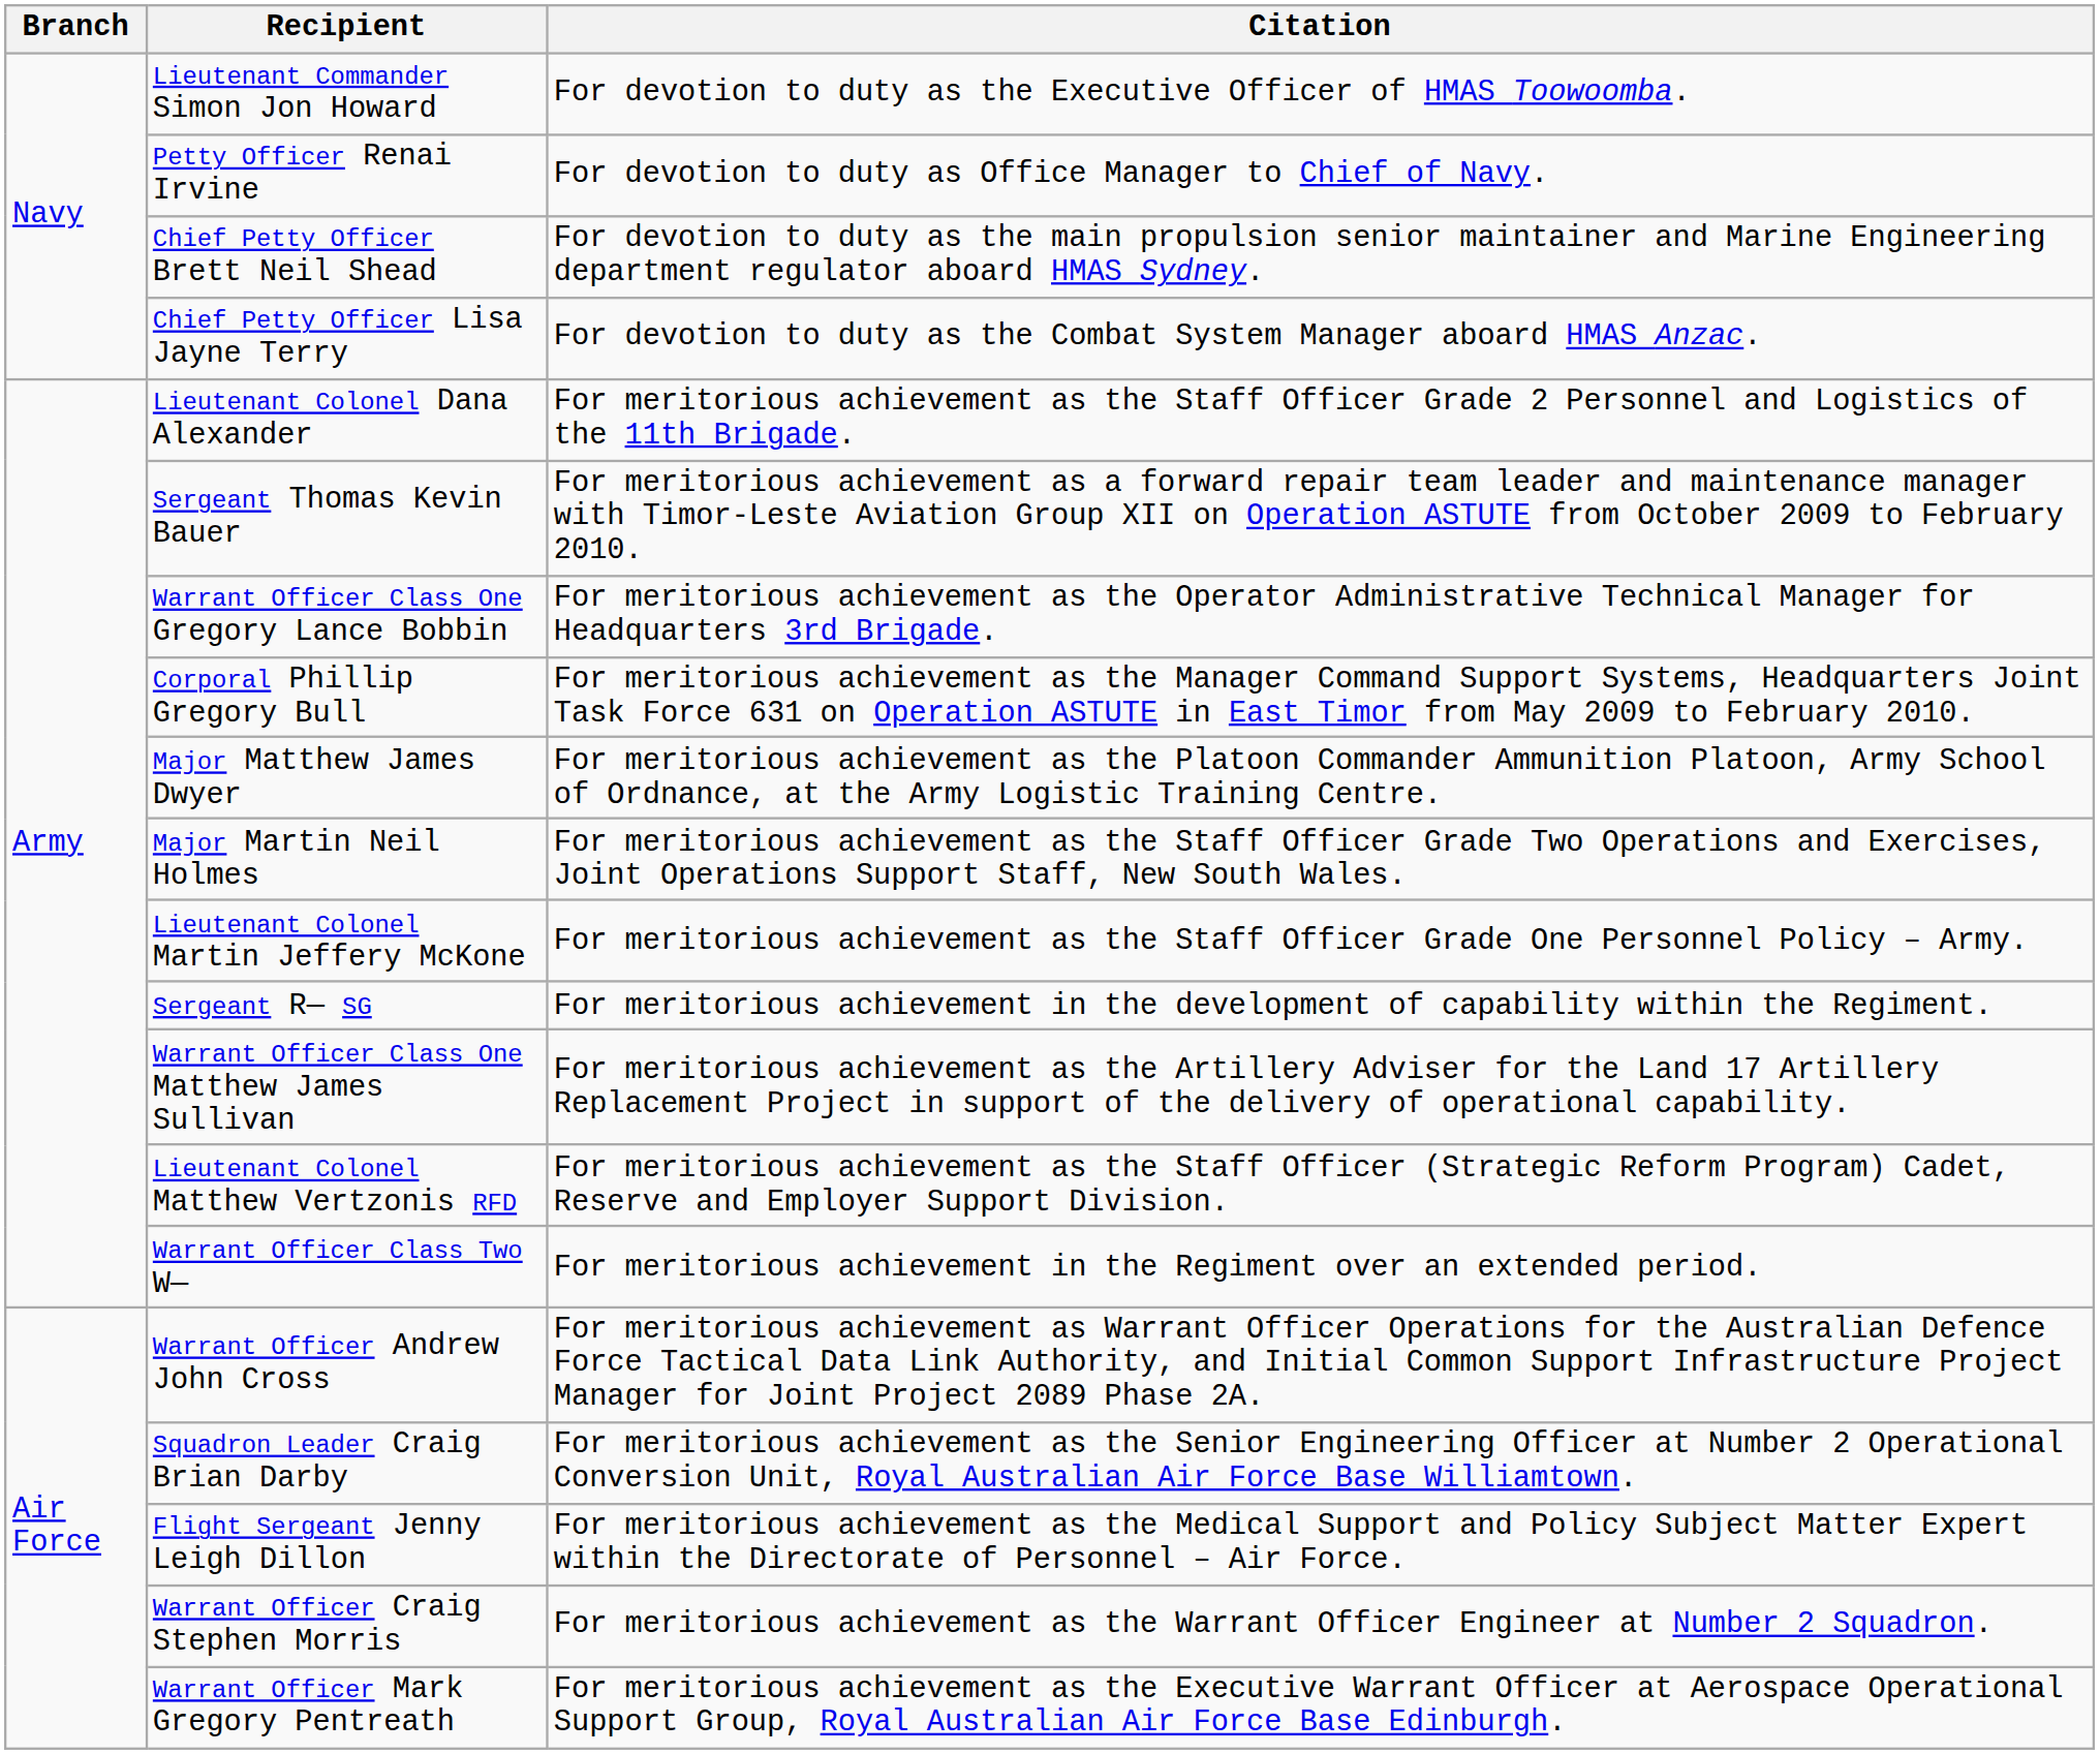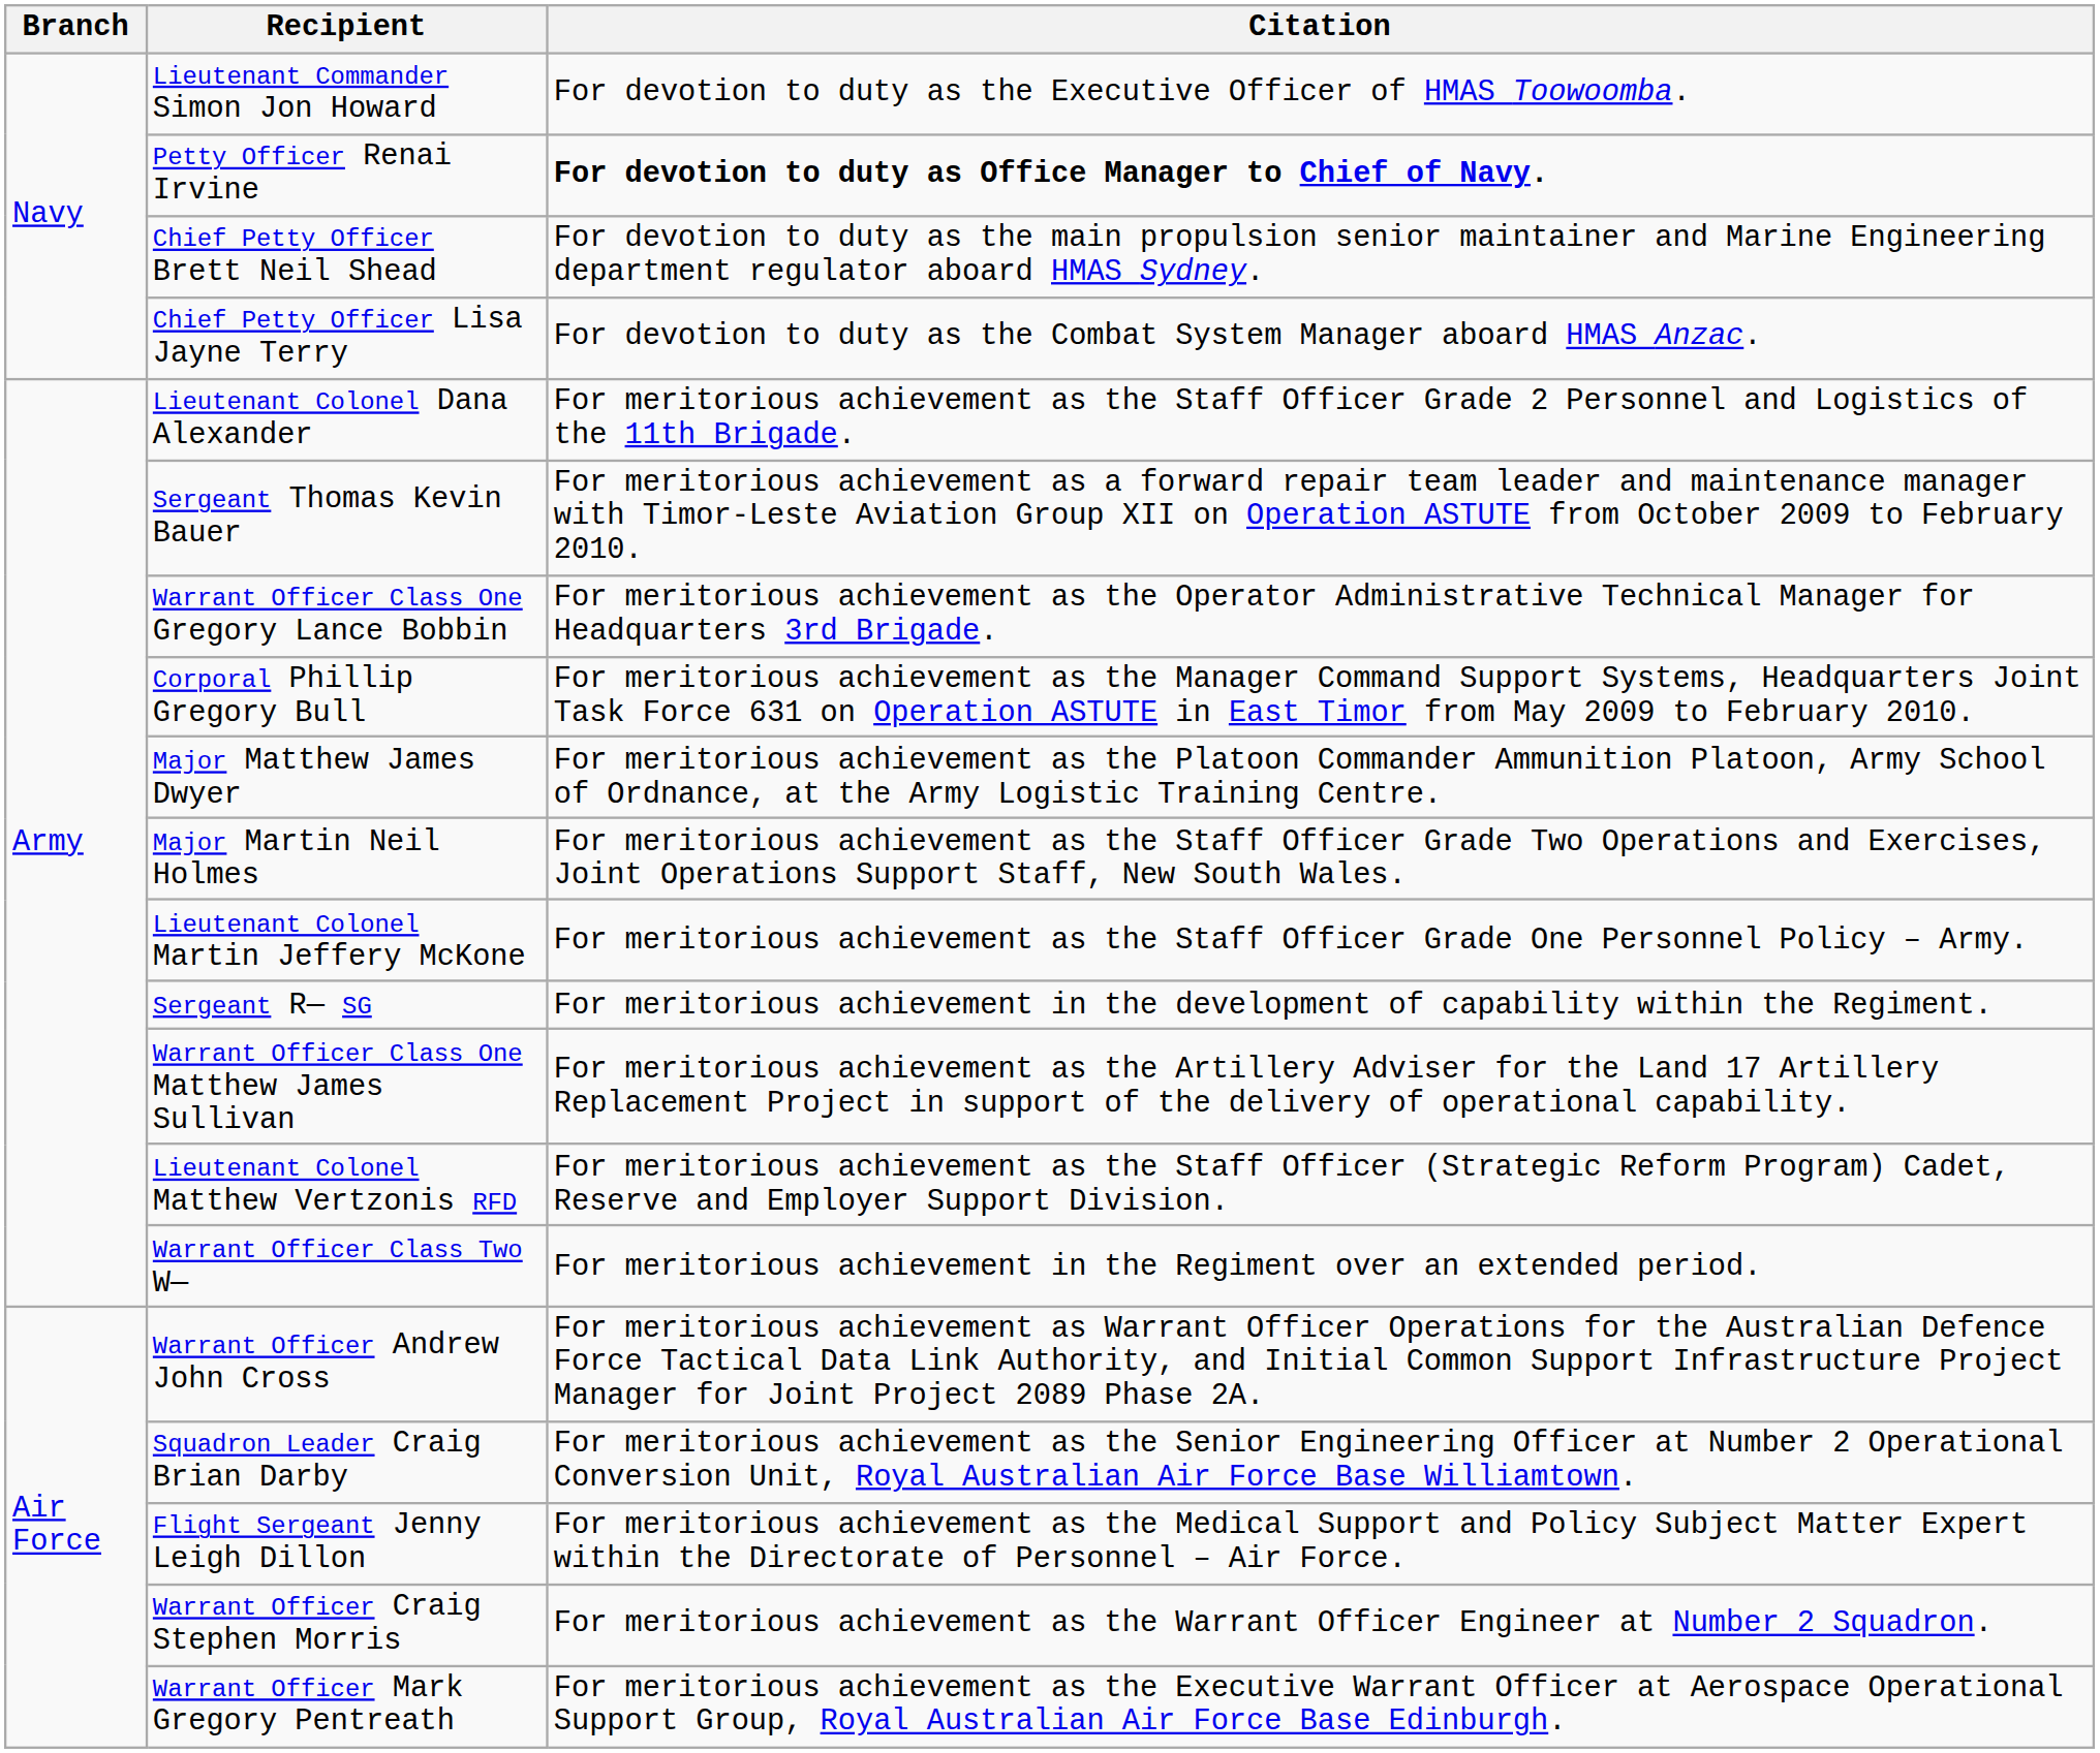 <table class="wikitable" style="font-size:95%;">
 <tr>
 <th>Branch</th>
 <th>Recipient</th>
 <th>Citation</th>
 </tr>
 <tr>
 <td rowspan="4"><a href='#'>Navy</a></td>
 <td><small><a href='#'>Lieutenant Commander</a></small> Simon Jon Howard</td>
 <td>For devotion to duty as the Executive Officer of <a href='#'>HMAS <em>Toowoomba</em></a>.</td>
 </tr>
 <tr>
 <td><small><a href='#'>Petty Officer</a></small> Renai Irvine</td>
-<td>For devotion to duty as Office Manager to <a href='#'>Chief of Navy</a>.</td>
+<td><strong>For devotion to duty as Office Manager to <a href='#'>Chief of Navy</a>.</strong></td>
 </tr>
 <tr>
 <td><small><a href='#'>Chief Petty Officer</a></small> Brett Neil Shead</td>
 <td>For devotion to duty as the main propulsion senior maintainer and Marine Engineering department regulator aboard <a href='#'>HMAS <em>Sydney</em></a>.</td>
 </tr>
 <tr>
 <td><small><a href='#'>Chief Petty Officer</a></small> Lisa Jayne Terry</td>
 <td>For devotion to duty as the Combat System Manager aboard <a href='#'>HMAS <em>Anzac</em></a>.</td>
 </tr>
 <tr>
 <td rowspan="11"><a href='#'>Army</a></td>
 <td><small><a href='#'>Lieutenant Colonel</a></small> Dana Alexander</td>
 <td>For meritorious achievement as the Staff Officer Grade 2 Personnel and Logistics of the <a href='#'>11th Brigade</a>.</td>
 </tr>
 <tr>
 <td><small><a href='#'>Sergeant</a></small> Thomas Kevin Bauer</td>
 <td>For meritorious achievement as a forward repair team leader and maintenance manager with Timor-Leste Aviation Group XII on <a href='#'>Operation ASTUTE</a> from October 2009 to February 2010.</td>
 </tr>
 <tr>
 <td><small><a href='#'>Warrant Officer Class One</a></small> Gregory Lance Bobbin</td>
 <td>For meritorious achievement as the Operator Administrative Technical Manager for Headquarters <a href='#'>3rd Brigade</a>.</td>
 </tr>
 <tr>
 <td><small><a href='#'>Corporal</a></small> Phillip Gregory Bull</td>
 <td>For meritorious achievement as the Manager Command Support Systems, Headquarters Joint Task Force 631 on <a href='#'>Operation ASTUTE</a> in <a href='#'>East Timor</a> from May 2009 to February 2010.</td>
 </tr>
 <tr>
 <td><small><a href='#'>Major</a></small> Matthew James Dwyer</td>
 <td>For meritorious achievement as the Platoon Commander Ammunition Platoon, Army School of Ordnance, at the Army Logistic Training Centre.</td>
 </tr>
 <tr>
 <td><small><a href='#'>Major</a></small> Martin Neil Holmes</td>
 <td>For meritorious achievement as the Staff Officer Grade Two Operations and Exercises, Joint Operations Support Staff, New South Wales.</td>
 </tr>
 <tr>
 <td><small><a href='#'>Lieutenant Colonel</a></small> Martin Jeffery McKone</td>
 <td>For meritorious achievement as the Staff Officer Grade One Personnel Policy – Army.</td>
 </tr>
 <tr>
 <td><small><a href='#'>Sergeant</a></small> R— <small><a href='#'>SG</a></small></td>
 <td>For meritorious achievement in the development of capability within the Regiment.</td>
 </tr>
 <tr>
 <td><small><a href='#'>Warrant Officer Class One</a></small> Matthew James Sullivan</td>
 <td>For meritorious achievement as the Artillery Adviser for the Land 17 Artillery Replacement Project in support of the delivery of operational capability.</td>
 </tr>
 <tr>
 <td><small><a href='#'>Lieutenant Colonel</a></small> Matthew Vertzonis <small><a href='#'>RFD</a></small></td>
 <td>For meritorious achievement as the Staff Officer (Strategic Reform Program) Cadet, Reserve and Employer Support Division.</td>
 </tr>
 <tr>
 <td><small><a href='#'>Warrant Officer Class Two</a></small> W—</td>
 <td>For meritorious achievement in the Regiment over an extended period.</td>
 </tr>
 <tr>
 <td rowspan="5"><a href='#'>Air Force</a></td>
 <td><small><a href='#'>Warrant Officer</a></small> Andrew John Cross</td>
 <td>For meritorious achievement as Warrant Officer Operations for the Australian Defence Force Tactical Data Link Authority, and Initial Common Support Infrastructure Project Manager for Joint Project 2089 Phase 2A.</td>
 </tr>
 <tr>
 <td><small><a href='#'>Squadron Leader</a></small> Craig Brian Darby</td>
 <td>For meritorious achievement as the Senior Engineering Officer at Number 2 Operational Conversion Unit, <a href='#'>Royal Australian Air Force Base Williamtown</a>.</td>
 </tr>
 <tr>
 <td><small><a href='#'>Flight Sergeant</a></small> Jenny Leigh Dillon</td>
 <td>For meritorious achievement as the Medical Support and Policy Subject Matter Expert within the Directorate of Personnel – Air Force.</td>
 </tr>
 <tr>
 <td><small><a href='#'>Warrant Officer</a></small> Craig Stephen Morris</td>
 <td>For meritorious achievement as the Warrant Officer Engineer at <a href='#'>Number 2 Squadron</a>.</td>
 </tr>
 <tr>
 <td><small><a href='#'>Warrant Officer</a></small> Mark Gregory Pentreath</td>
 <td>For meritorious achievement as the Executive Warrant Officer at Aerospace Operational Support Group, <a href='#'>Royal Australian Air Force Base Edinburgh</a>.</td>
 </tr>
 </table>
